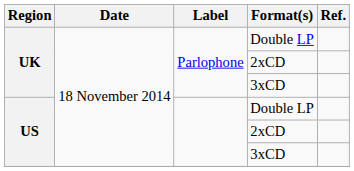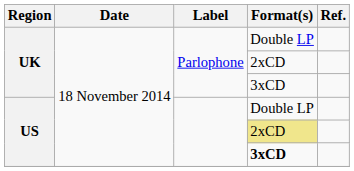 <table class="wikitable plainrowheaders">
 <tr>
 <th scope="col">Region</th>
 <th scope="col">Date</th>
 <th scope="col">Label</th>
 <th scope="col">Format(s)</th>
 <th scope="col">Ref.</th>
 </tr>
 <tr>
 <th scope="row" rowspan="3">UK</th>
 <td rowspan="6">18 November 2014</td>
 <td rowspan="3"><a href='#'>Parlophone</a></td>
 <td>Double <a href='#'>LP</a></td>
 <td></td>
 </tr>
 <tr>
 <td>2xCD</td>
 <td></td>
 </tr>
 <tr>
 <td>3xCD</td>
 <td></td>
 </tr>
 <tr>
 <th scope="row" rowspan="3">US</th>
 <td rowspan="3"></td>
 <td>Double LP</td>
 <td></td>
 </tr>
 <tr>
-<td>2xCD</td>
+<td style="background: khaki;">2xCD</td>
 <td></td>
 </tr>
 <tr>
-<td>3xCD</td>
+<td><strong>3xCD</strong></td>
 <td></td>
 </tr>
 <tr>
 </tr>
 </table>
